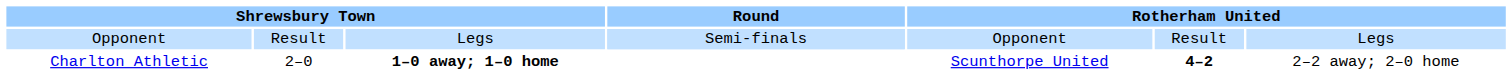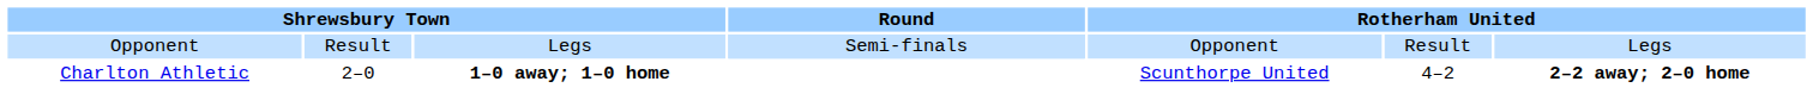 <table width="100%" bgcolor=white>
 <tr valign=top bgcolor=#99ccff>
 <th colspan=3 style="width:40%"><strong>Shrewsbury Town</strong></th>
 <th style="width:20%"><strong>Round</strong></th>
 <th colspan=3 style="width:40%"><strong> Rotherham United</strong></th>
 </tr>
 <tr valign=top align="center" bgcolor=#c1e0ff>
 <td>Opponent</td>
 <td>Result</td>
 <td>Legs</td>
 <td bgcolor=#c1e0ff>Semi-finals</td>
 <td>Opponent</td>
 <td>Result</td>
 <td>Legs</td>
 </tr>
 <tr align="center">
 <td><a href='#'>Charlton Athletic</a></td>
 <td>2–0</td>
 <td><strong>1–0 away; 1–0 home</strong></td>
 <td></td>
 <td><a href='#'>Scunthorpe United</a></td>
-<td><strong>4–2</strong></td>
-<td>2–2 away; 2–0 home</td>
+<td>4–2</td>
+<td><strong>2–2 away; 2–0 home</strong></td>
 </tr>
 </table>
